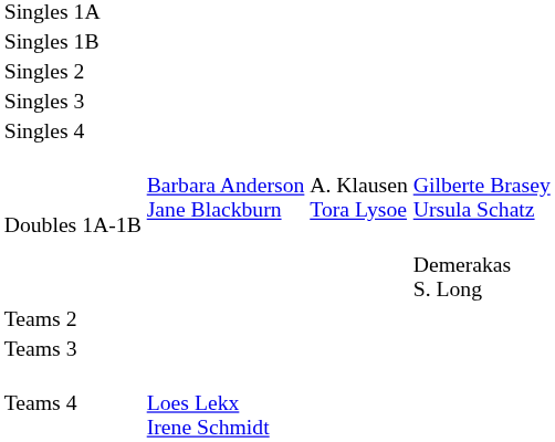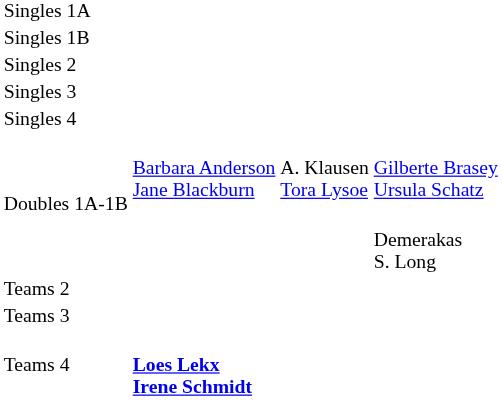 <table>
 <tr>
 <td rowspan="2">Singles 1A<br></td>
 <td rowspan="2"></td>
 <td rowspan="2"></td>
 <td></td>
 </tr>
 <tr>
 <td></td>
 </tr>
 <tr>
 <td rowspan="2">Singles 1B<br></td>
 <td rowspan="2"></td>
 <td rowspan="2"></td>
 <td></td>
 </tr>
 <tr>
 <td></td>
 </tr>
 <tr>
 <td rowspan="2">Singles 2<br></td>
 <td rowspan="2"></td>
 <td rowspan="2"></td>
 <td></td>
 </tr>
 <tr>
 <td></td>
 </tr>
 <tr>
 <td rowspan="2">Singles 3<br></td>
 <td rowspan="2"></td>
 <td rowspan="2"></td>
 <td></td>
 </tr>
 <tr>
 <td></td>
 </tr>
 <tr>
 <td rowspan="2">Singles 4<br></td>
 <td rowspan="2"></td>
 <td rowspan="2"></td>
 <td></td>
 </tr>
 <tr>
 <td></td>
 </tr>
 <tr>
 <td rowspan="2">Doubles 1A-1B<br></td>
 <td rowspan="2" valign=top> <br> <a href='#'>Barbara Anderson</a> <br> <a href='#'>Jane Blackburn</a></td>
 <td rowspan="2" valign=top> <br> A. Klausen <br> <a href='#'>Tora Lysoe</a></td>
 <td valign=top> <br> <a href='#'>Gilberte Brasey</a> <br> <a href='#'>Ursula Schatz</a></td>
 </tr>
 <tr>
 <td valign=top> <br> Demerakas <br> S. Long</td>
 </tr>
 <tr>
 <td rowspan="2">Teams 2<br></td>
 <td rowspan="2"></td>
 <td rowspan="2"></td>
 <td></td>
 </tr>
 <tr>
 <td></td>
 </tr>
 <tr>
 <td rowspan="2">Teams 3<br></td>
 <td rowspan="2"></td>
 <td rowspan="2"></td>
 <td></td>
 </tr>
 <tr>
 <td></td>
 </tr>
 <tr>
 <td>Teams 4<br></td>
-<td><br><a href='#'>Loes Lekx</a><br><a href='#'>Irene Schmidt</a></td>
+<td><strong><br><a href='#'>Loes Lekx</a><br><a href='#'>Irene Schmidt</a></strong></td>
 <td></td>
 <td></td>
 </tr>
 </table>
